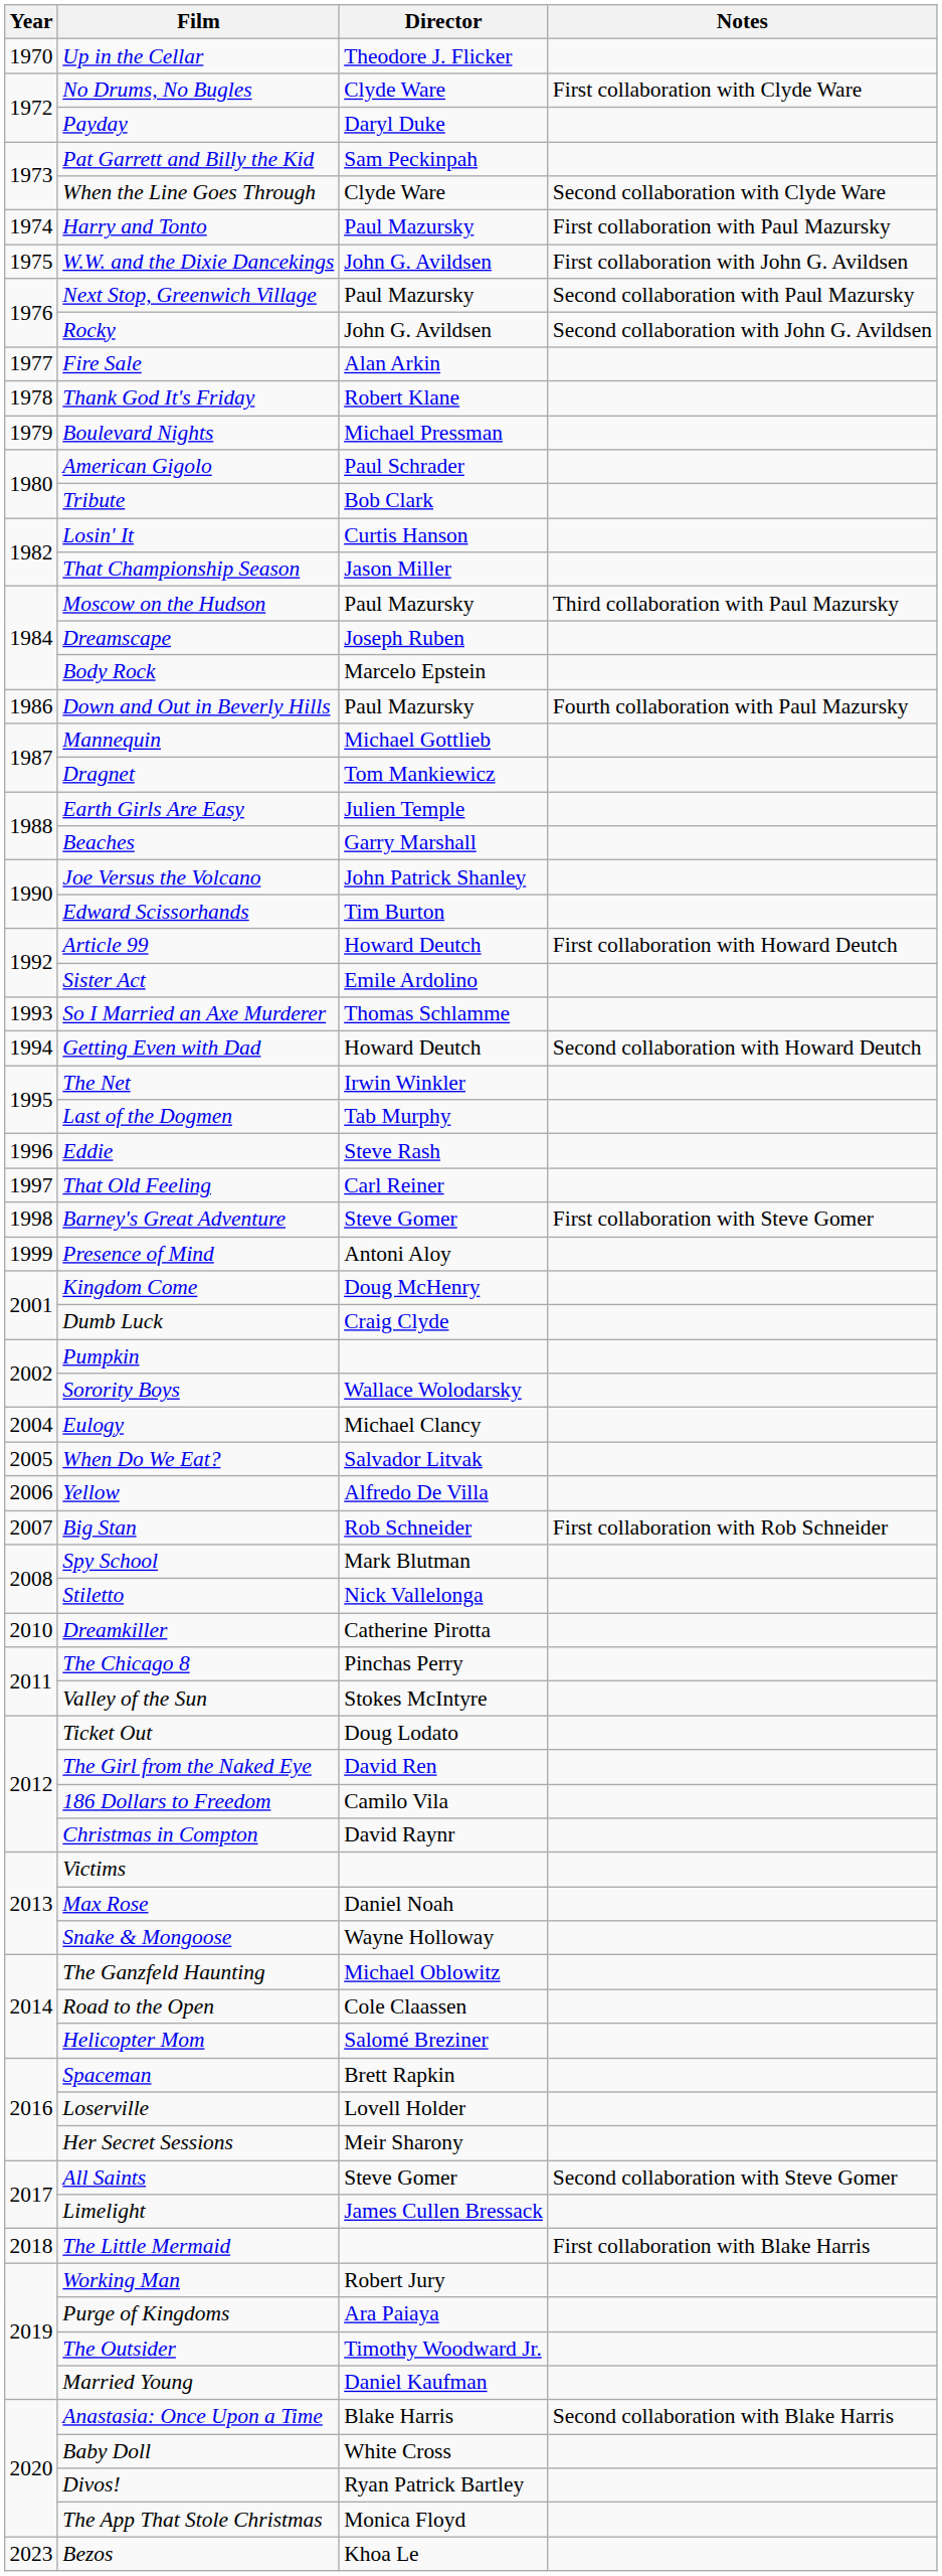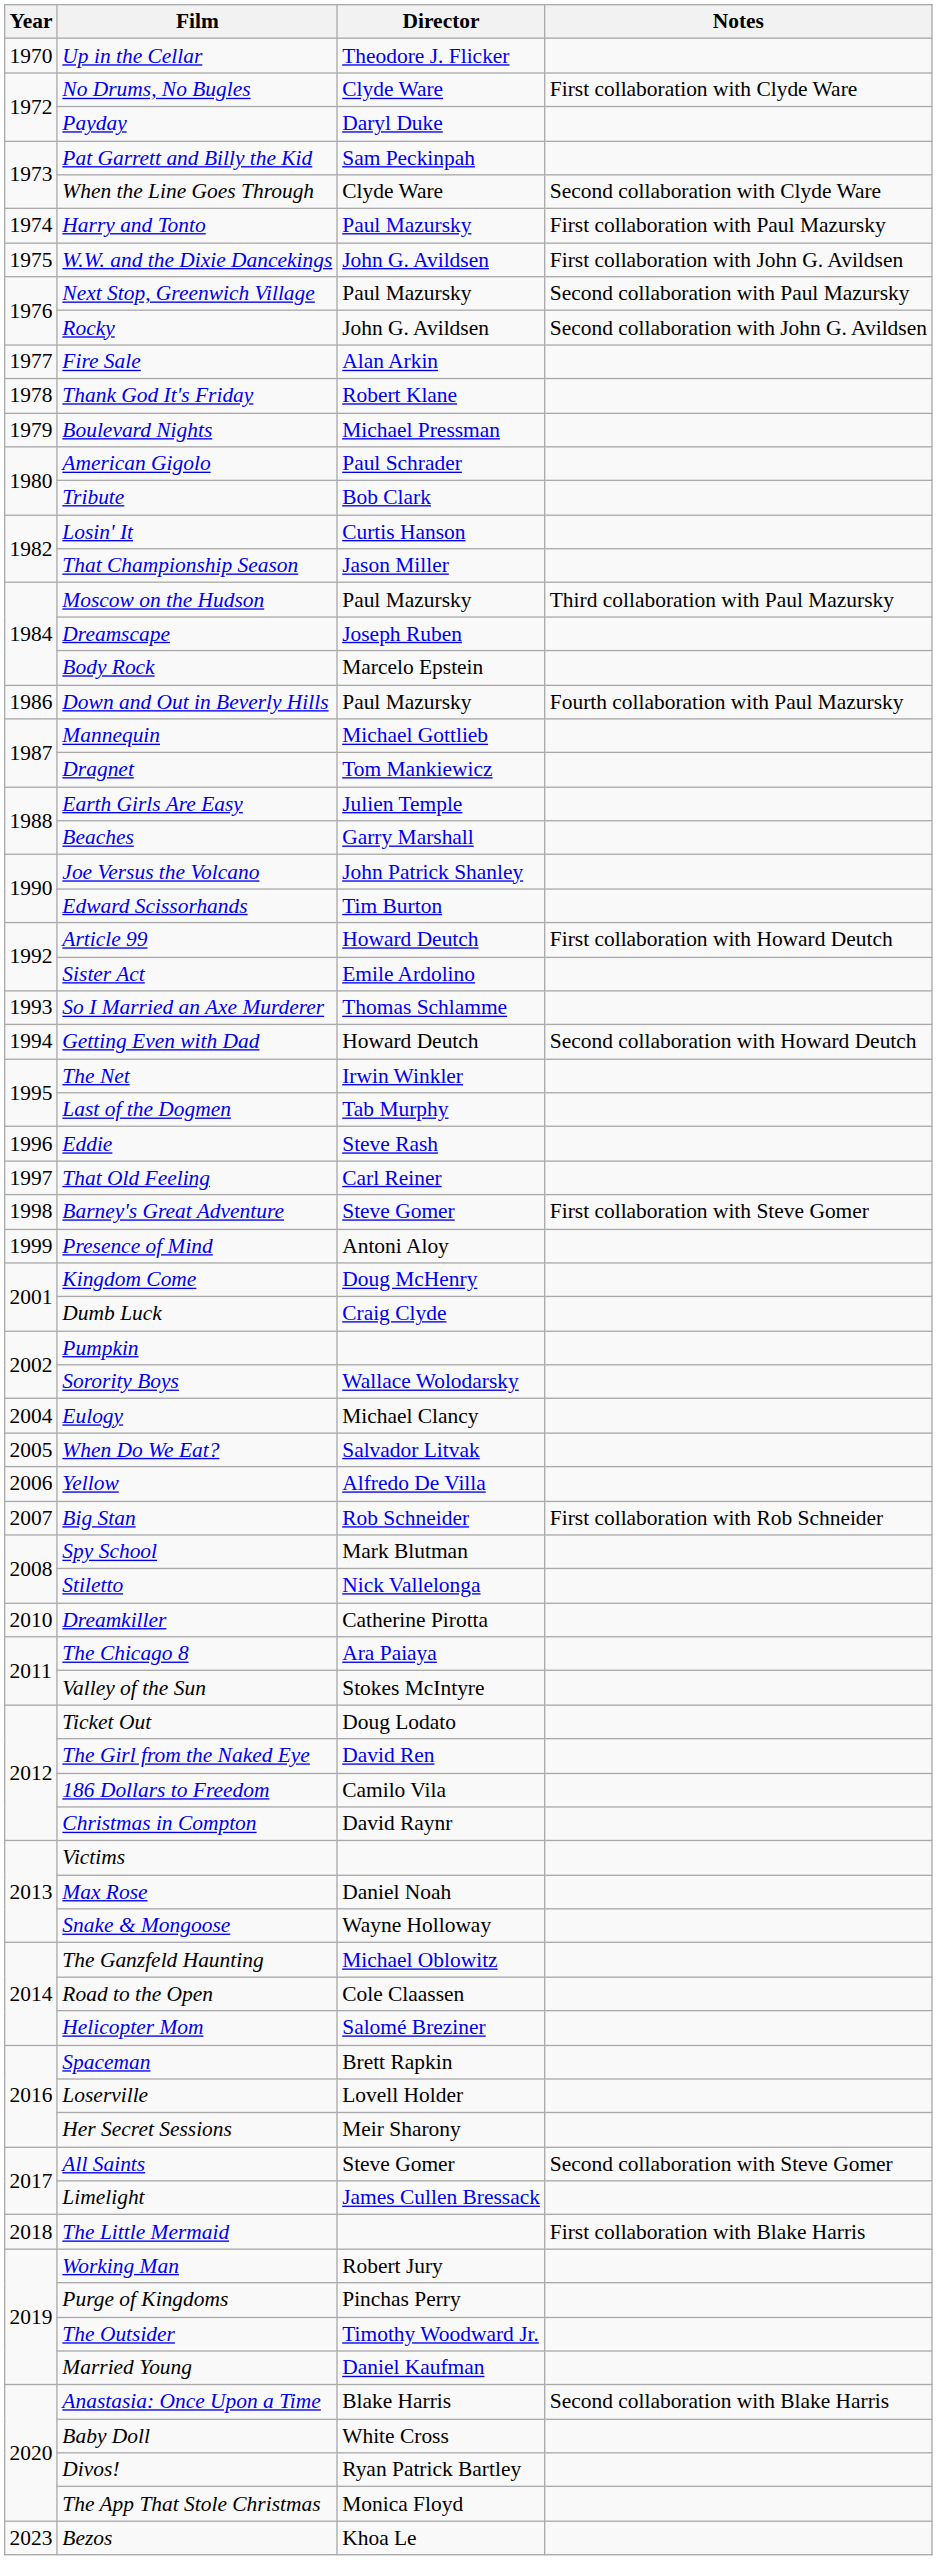 <table class="wikitable">
 <tr>
 <th>Year</th>
 <th>Film</th>
 <th>Director</th>
 <th>Notes</th>
 </tr>
 <tr>
 <td>1970</td>
 <td><em><a href='#'>Up in the Cellar</a></em></td>
 <td><a href='#'>Theodore J. Flicker</a></td>
 <td></td>
 </tr>
 <tr>
 <td rowspan=2>1972</td>
 <td><em><a href='#'>No Drums, No Bugles</a></em></td>
 <td><a href='#'>Clyde Ware</a></td>
 <td>First collaboration with Clyde Ware</td>
 </tr>
 <tr>
 <td><em><a href='#'>Payday</a></em></td>
 <td><a href='#'>Daryl Duke</a></td>
 <td></td>
 </tr>
 <tr>
 <td rowspan=2>1973</td>
 <td><em><a href='#'>Pat Garrett and Billy the Kid</a></em></td>
 <td><a href='#'>Sam Peckinpah</a></td>
 <td></td>
 </tr>
 <tr>
 <td><em>When the Line Goes Through</em></td>
 <td>Clyde Ware</td>
 <td>Second collaboration with Clyde Ware</td>
 </tr>
 <tr>
 <td>1974</td>
 <td><em><a href='#'>Harry and Tonto</a></em></td>
 <td><a href='#'>Paul Mazursky</a></td>
 <td>First collaboration with Paul Mazursky</td>
 </tr>
 <tr>
 <td>1975</td>
 <td><em><a href='#'>W.W. and the Dixie Dancekings</a></em></td>
 <td><a href='#'>John G. Avildsen</a></td>
 <td>First collaboration with John G. Avildsen</td>
 </tr>
 <tr>
 <td rowspan=2>1976</td>
 <td><em><a href='#'>Next Stop, Greenwich Village</a></em></td>
 <td>Paul Mazursky</td>
 <td>Second collaboration with Paul Mazursky</td>
 </tr>
 <tr>
 <td><em><a href='#'>Rocky</a></em></td>
 <td>John G. Avildsen</td>
 <td>Second collaboration with John G. Avildsen</td>
 </tr>
 <tr>
 <td>1977</td>
 <td><em><a href='#'>Fire Sale</a></em></td>
 <td><a href='#'>Alan Arkin</a></td>
 <td></td>
 </tr>
 <tr>
 <td>1978</td>
 <td><em><a href='#'>Thank God It's Friday</a></em></td>
 <td><a href='#'>Robert Klane</a></td>
 <td></td>
 </tr>
 <tr>
 <td>1979</td>
 <td><em><a href='#'>Boulevard Nights</a></em></td>
 <td><a href='#'>Michael Pressman</a></td>
 <td></td>
 </tr>
 <tr>
 <td rowspan=2>1980</td>
 <td><em><a href='#'>American Gigolo</a></em></td>
 <td><a href='#'>Paul Schrader</a></td>
 <td></td>
 </tr>
 <tr>
 <td><em><a href='#'>Tribute</a></em></td>
 <td><a href='#'>Bob Clark</a></td>
 <td></td>
 </tr>
 <tr>
 <td rowspan=2>1982</td>
 <td><em><a href='#'>Losin' It</a></em></td>
 <td><a href='#'>Curtis Hanson</a></td>
 <td></td>
 </tr>
 <tr>
 <td><em><a href='#'>That Championship Season</a></em></td>
 <td><a href='#'>Jason Miller</a></td>
 <td></td>
 </tr>
 <tr>
 <td rowspan=3>1984</td>
 <td><em><a href='#'>Moscow on the Hudson</a></em></td>
 <td>Paul Mazursky</td>
 <td>Third collaboration with Paul Mazursky</td>
 </tr>
 <tr>
 <td><em><a href='#'>Dreamscape</a></em></td>
 <td><a href='#'>Joseph Ruben</a></td>
 <td></td>
 </tr>
 <tr>
 <td><em><a href='#'>Body Rock</a></em></td>
 <td>Marcelo Epstein</td>
 <td></td>
 </tr>
 <tr>
 <td>1986</td>
 <td><em><a href='#'>Down and Out in Beverly Hills</a></em></td>
 <td>Paul Mazursky</td>
 <td>Fourth collaboration with Paul Mazursky</td>
 </tr>
 <tr>
 <td rowspan=2>1987</td>
 <td><em><a href='#'>Mannequin</a></em></td>
 <td><a href='#'>Michael Gottlieb</a></td>
 <td></td>
 </tr>
 <tr>
 <td><em><a href='#'>Dragnet</a></em></td>
 <td><a href='#'>Tom Mankiewicz</a></td>
 <td></td>
 </tr>
 <tr>
 <td rowspan=2>1988</td>
 <td><em><a href='#'>Earth Girls Are Easy</a></em></td>
 <td><a href='#'>Julien Temple</a></td>
 <td></td>
 </tr>
 <tr>
 <td><em><a href='#'>Beaches</a></em></td>
 <td><a href='#'>Garry Marshall</a></td>
 <td></td>
 </tr>
 <tr>
 <td rowspan=2>1990</td>
 <td><em><a href='#'>Joe Versus the Volcano</a></em></td>
 <td><a href='#'>John Patrick Shanley</a></td>
 <td></td>
 </tr>
 <tr>
 <td><em><a href='#'>Edward Scissorhands</a></em></td>
 <td><a href='#'>Tim Burton</a></td>
 <td></td>
 </tr>
 <tr>
 <td rowspan=2>1992</td>
 <td><em><a href='#'>Article 99</a></em></td>
 <td><a href='#'>Howard Deutch</a></td>
 <td>First collaboration with Howard Deutch</td>
 </tr>
 <tr>
 <td><em><a href='#'>Sister Act</a></em></td>
 <td><a href='#'>Emile Ardolino</a></td>
 <td></td>
 </tr>
 <tr>
 <td>1993</td>
 <td><em><a href='#'>So I Married an Axe Murderer</a></em></td>
 <td><a href='#'>Thomas Schlamme</a></td>
 <td></td>
 </tr>
 <tr>
 <td>1994</td>
 <td><em><a href='#'>Getting Even with Dad</a></em></td>
 <td>Howard Deutch</td>
 <td>Second collaboration with Howard Deutch</td>
 </tr>
 <tr>
 <td rowspan=2>1995</td>
 <td><em><a href='#'>The Net</a></em></td>
 <td><a href='#'>Irwin Winkler</a></td>
 <td></td>
 </tr>
 <tr>
 <td><em><a href='#'>Last of the Dogmen</a></em></td>
 <td><a href='#'>Tab Murphy</a></td>
 <td></td>
 </tr>
 <tr>
 <td>1996</td>
 <td><em><a href='#'>Eddie</a></em></td>
 <td><a href='#'>Steve Rash</a></td>
 <td></td>
 </tr>
 <tr>
 <td>1997</td>
 <td><em><a href='#'>That Old Feeling</a></em></td>
 <td><a href='#'>Carl Reiner</a></td>
 <td></td>
 </tr>
 <tr>
 <td>1998</td>
 <td><em><a href='#'>Barney's Great Adventure</a></em></td>
 <td><a href='#'>Steve Gomer</a></td>
 <td>First collaboration with Steve Gomer</td>
 </tr>
 <tr>
 <td>1999</td>
 <td><em><a href='#'>Presence of Mind</a></em></td>
 <td>Antoni Aloy</td>
 <td></td>
 </tr>
 <tr>
 <td rowspan=2>2001</td>
 <td><em><a href='#'>Kingdom Come</a></em></td>
 <td><a href='#'>Doug McHenry</a></td>
 <td></td>
 </tr>
 <tr>
 <td><em>Dumb Luck</em></td>
 <td><a href='#'>Craig Clyde</a></td>
 <td></td>
 </tr>
 <tr>
 <td rowspan=2>2002</td>
 <td><em><a href='#'>Pumpkin</a></em></td>
 <td></td>
 <td></td>
 </tr>
 <tr>
 <td><em><a href='#'>Sorority Boys</a></em></td>
 <td><a href='#'>Wallace Wolodarsky</a></td>
 <td></td>
 </tr>
 <tr>
 <td>2004</td>
 <td><em><a href='#'>Eulogy</a></em></td>
 <td>Michael Clancy</td>
 <td></td>
 </tr>
 <tr>
 <td>2005</td>
 <td><em><a href='#'>When Do We Eat?</a></em></td>
 <td><a href='#'>Salvador Litvak</a></td>
 <td></td>
 </tr>
 <tr>
 <td>2006</td>
 <td><em><a href='#'>Yellow</a></em></td>
 <td><a href='#'>Alfredo De Villa</a></td>
 <td></td>
 </tr>
 <tr>
 <td>2007</td>
 <td><em><a href='#'>Big Stan</a></em></td>
 <td><a href='#'>Rob Schneider</a></td>
 <td>First collaboration with Rob Schneider</td>
 </tr>
 <tr>
 <td rowspan=2>2008</td>
 <td><em><a href='#'>Spy School</a></em></td>
 <td>Mark Blutman</td>
 <td></td>
 </tr>
 <tr>
 <td><em><a href='#'>Stiletto</a></em></td>
 <td><a href='#'>Nick Vallelonga</a></td>
 <td></td>
 </tr>
 <tr>
 <td>2010</td>
 <td><em><a href='#'>Dreamkiller</a></em></td>
 <td>Catherine Pirotta</td>
 <td></td>
 </tr>
 <tr>
 <td rowspan=2>2011</td>
 <td><em><a href='#'>The Chicago 8</a></em></td>
-<td>Pinchas Perry</td>
+<td><a href='#'>Ara Paiaya</a></td>
 <td></td>
 </tr>
 <tr>
 <td><em>Valley of the Sun</em></td>
 <td>Stokes McIntyre</td>
 <td></td>
 </tr>
 <tr>
 <td rowspan=4>2012</td>
 <td><em>Ticket Out</em></td>
 <td>Doug Lodato</td>
 <td></td>
 </tr>
 <tr>
 <td><em><a href='#'>The Girl from the Naked Eye</a></em></td>
 <td><a href='#'>David Ren</a></td>
 <td></td>
 </tr>
 <tr>
 <td><em><a href='#'>186 Dollars to Freedom</a></em></td>
 <td>Camilo Vila</td>
 <td></td>
 </tr>
 <tr>
 <td><em><a href='#'>Christmas in Compton</a></em></td>
 <td>David Raynr</td>
 <td></td>
 </tr>
 <tr>
 <td rowspan=3>2013</td>
 <td><em>Victims</em></td>
 <td></td>
 <td></td>
 </tr>
 <tr>
 <td><em><a href='#'>Max Rose</a></em></td>
 <td>Daniel Noah</td>
 <td></td>
 </tr>
 <tr>
 <td><em><a href='#'>Snake & Mongoose</a></em></td>
 <td>Wayne Holloway</td>
 <td></td>
 </tr>
 <tr>
 <td rowspan=3>2014</td>
 <td><em>The Ganzfeld Haunting</em></td>
 <td><a href='#'>Michael Oblowitz</a></td>
 <td></td>
 </tr>
 <tr>
 <td><em>Road to the Open</em></td>
 <td>Cole Claassen</td>
 <td></td>
 </tr>
 <tr>
 <td><em><a href='#'>Helicopter Mom</a></em></td>
 <td><a href='#'>Salomé Breziner</a></td>
 <td></td>
 </tr>
 <tr>
 <td rowspan=3>2016</td>
 <td><em><a href='#'>Spaceman</a></em></td>
 <td>Brett Rapkin</td>
 <td></td>
 </tr>
 <tr>
 <td><em>Loserville</em></td>
 <td>Lovell Holder</td>
 <td></td>
 </tr>
 <tr>
 <td><em>Her Secret Sessions</em></td>
 <td>Meir Sharony</td>
 <td></td>
 </tr>
 <tr>
 <td rowspan=2>2017</td>
 <td><em><a href='#'>All Saints</a></em></td>
 <td>Steve Gomer</td>
 <td>Second collaboration with Steve Gomer</td>
 </tr>
 <tr>
 <td><em>Limelight</em></td>
 <td><a href='#'>James Cullen Bressack</a></td>
 <td></td>
 </tr>
 <tr>
 <td>2018</td>
 <td><em><a href='#'>The Little Mermaid</a></em></td>
 <td></td>
 <td>First collaboration with Blake Harris</td>
 </tr>
 <tr>
 <td rowspan=4>2019</td>
 <td><em><a href='#'>Working Man</a></em></td>
 <td>Robert Jury</td>
 <td></td>
 </tr>
 <tr>
 <td><em>Purge of Kingdoms</em></td>
-<td><a href='#'>Ara Paiaya</a></td>
+<td>Pinchas Perry</td>
 <td></td>
 </tr>
 <tr>
 <td><em><a href='#'>The Outsider</a></em></td>
 <td><a href='#'>Timothy Woodward Jr.</a></td>
 <td></td>
 </tr>
 <tr>
 <td><em>Married Young</em></td>
 <td><a href='#'>Daniel Kaufman</a></td>
 <td></td>
 </tr>
 <tr>
 <td rowspan=4>2020</td>
 <td><em><a href='#'>Anastasia: Once Upon a Time</a></em></td>
 <td>Blake Harris</td>
 <td>Second collaboration with Blake Harris</td>
 </tr>
 <tr>
 <td><em>Baby Doll</em></td>
 <td>White Cross</td>
 <td></td>
 </tr>
 <tr>
 <td><em>Divos!</em></td>
 <td>Ryan Patrick Bartley</td>
 <td></td>
 </tr>
 <tr>
 <td><em>The App That Stole Christmas</em></td>
 <td>Monica Floyd</td>
 <td></td>
 </tr>
 <tr>
 <td>2023</td>
 <td><em>Bezos</em></td>
 <td>Khoa Le</td>
 <td></td>
 </tr>
 </table>
